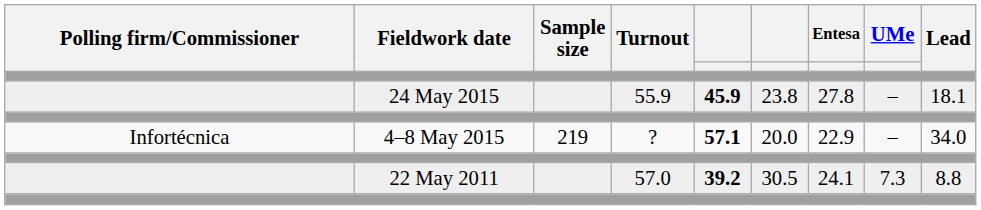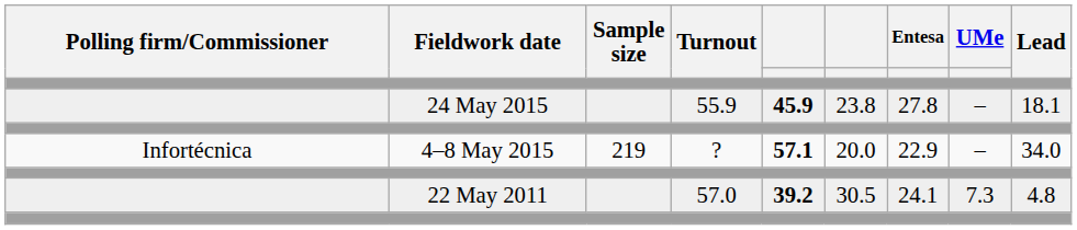 <table class="wikitable collapsible collapsed" style="text-align:center; font-size:95%; line-height:16px;">
 <tr style="height:42px;">
 <th style="width:250px;" rowspan="2">Polling firm/Commissioner</th>
 <th style="width:125px;" rowspan="2">Fieldwork date</th>
 <th style="width:50px;" rowspan="2">Sample size</th>
 <th style="width:45px;" rowspan="2">Turnout</th>
 <th style="width:35px;"></th>
 <th style="width:35px;"></th>
 <th style="width:35px; font-size:80%;">Entesa</th>
 <th style="width:35px;"><a href='#'>UMe</a></th>
 <th style="width:30px;" rowspan="2">Lead</th>
 </tr>
 <tr>
 <th style="color:inherit;background:"></th>
 <th style="color:inherit;background:"></th>
 <th style="color:inherit;background:"></th>
 <th style="color:inherit;background:"></th>
 </tr>
 <tr>
 <td colspan="9" style="background:#A0A0A0"></td>
 </tr>
 <tr style="background:#EFEFEF;">
 <td><strong></strong></td>
 <td>24 May 2015</td>
 <td></td>
 <td>55.9</td>
 <td><strong>45.9</strong><br></td>
 <td>23.8<br></td>
 <td>27.8<br></td>
 <td>–</td>
 <td style="background:">18.1</td>
 </tr>
 <tr>
 <td colspan="9" style="background:#A0A0A0"></td>
 </tr>
 <tr>
 <td>Infortécnica</td>
 <td>4–8 May 2015</td>
 <td>219</td>
 <td>?</td>
 <td><strong>57.1</strong><br></td>
 <td>20.0<br></td>
 <td>22.9<br></td>
 <td>–</td>
 <td style="background:">34.0</td>
 </tr>
 <tr>
 <td colspan="9" style="background:#A0A0A0"></td>
 </tr>
 <tr style="background:#EFEFEF;">
 <td><strong></strong></td>
 <td>22 May 2011</td>
 <td></td>
 <td>57.0</td>
 <td><strong>39.2</strong><br></td>
 <td>30.5<br></td>
 <td>24.1<br></td>
 <td>7.3<br></td>
-<td style="background:">8.8</td>
+<td style="background:">4.8</td>
 </tr>
 <tr>
 <td colspan="9" style="background:#A0A0A0"></td>
 </tr>
 </table>
